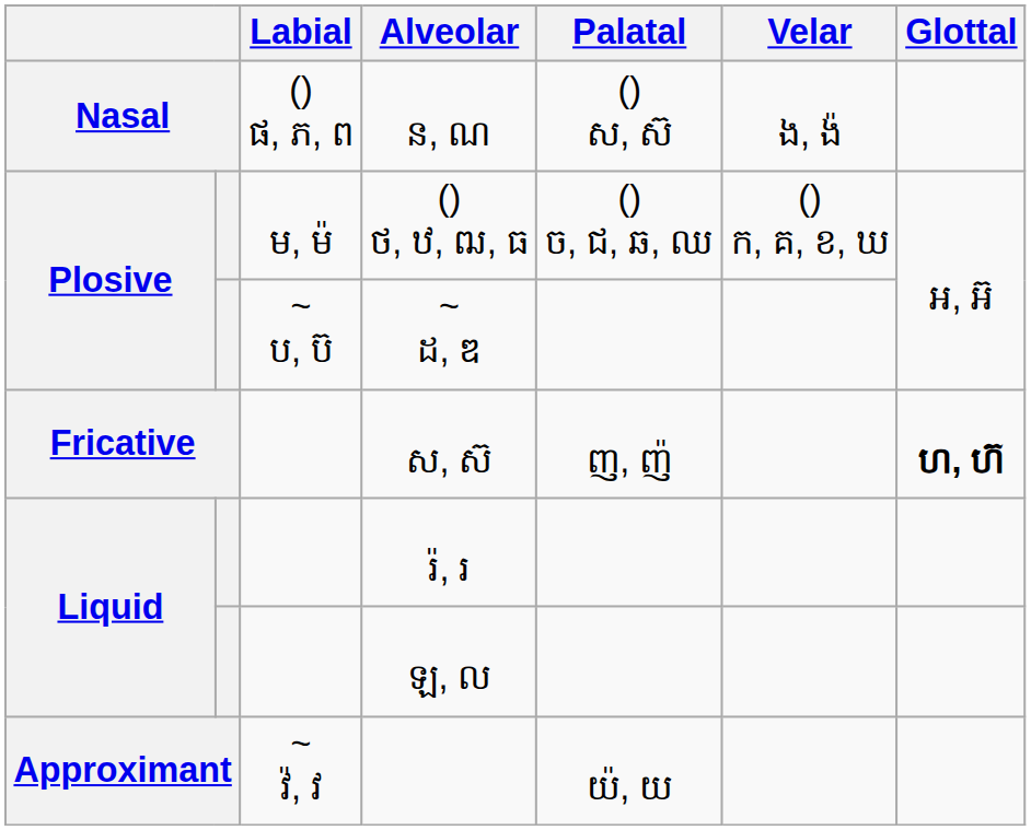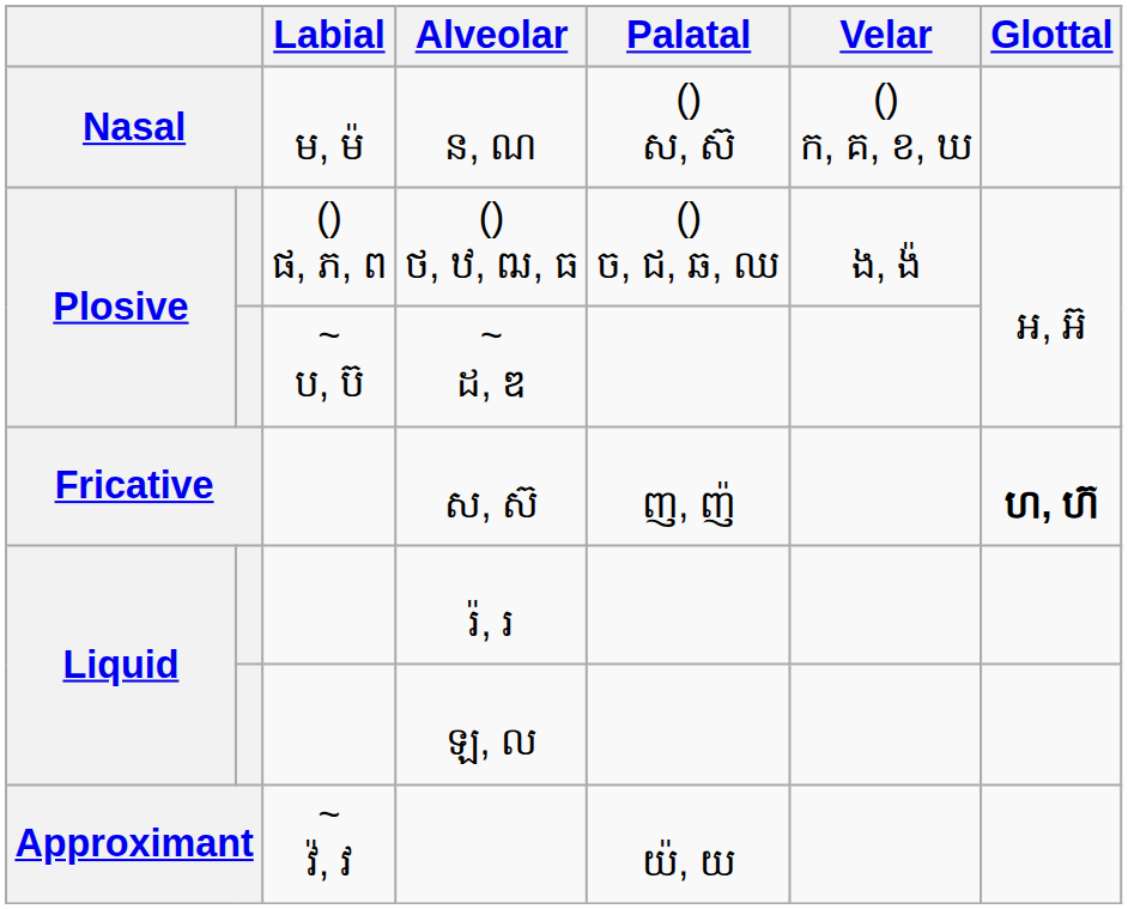 <table class="wikitable" style="text-align:center;">
 <tr>
 <th colspan="2"></th>
 <th><a href='#'>Labial</a></th>
 <th><a href='#'>Alveolar</a></th>
 <th><a href='#'>Palatal</a></th>
 <th><a href='#'>Velar</a></th>
 <th><a href='#'>Glottal</a></th>
 </tr>
 <tr>
 <th colspan="2"><a href='#'>Nasal</a></th>
-<td> ()<br>ផ​, ភ, ព</td>
+<td><br>ម, ម៉</td>
 <td><br>ន, ណ</td>
 <td>()<br>ស, ស៊</td>
-<td><br>ង, ង៉</td>
+<td> ()<br>ក, គ, ខ, ឃ</td>
 <td></td>
 </tr>
 <tr>
 <th rowspan="2"><a href='#'>Plosive</a></th>
 <th></th>
-<td><br>ម, ម៉</td>
+<td> ()<br>ផ​, ភ, ព</td>
 <td> ()<br>ថ, ឋ, ឍ, ធ</td>
 <td> ()<br>ច, ជ, ឆ, ឈ</td>
-<td> ()<br>ក, គ, ខ, ឃ</td>
+<td><br>ង, ង៉</td>
 <td rowspan="2"><br>អ, អ៊</td>
 </tr>
 <tr>
 <th></th>
 <td> ~ <br>ប, ប៊</td>
 <td> ~ <br>ដ, ឌ</td>
 <td></td>
 <td></td>
 </tr>
 <tr>
 <th colspan="2"><a href='#'>Fricative</a></th>
 <td></td>
 <td><br>ស, ស៊</td>
 <td><br>ញ, ញ៉</td>
 <td></td>
 <td><strong><br>ហ, ហ៊</strong></td>
 </tr>
 <tr>
 <th rowspan="2"><a href='#'>Liquid</a></th>
 <th></th>
 <td></td>
 <td><br>រ៉, រ</td>
 <td></td>
 <td></td>
 <td></td>
 </tr>
 <tr>
 <th></th>
 <td></td>
 <td><br>ឡ, ល</td>
 <td></td>
 <td></td>
 <td></td>
 </tr>
 <tr>
 <th colspan="2"><a href='#'>Approximant</a></th>
 <td> ~ <br>វ៉, វ</td>
 <td></td>
 <td><br>យ៉, យ</td>
 <td></td>
 <td></td>
 </tr>
 </table>
